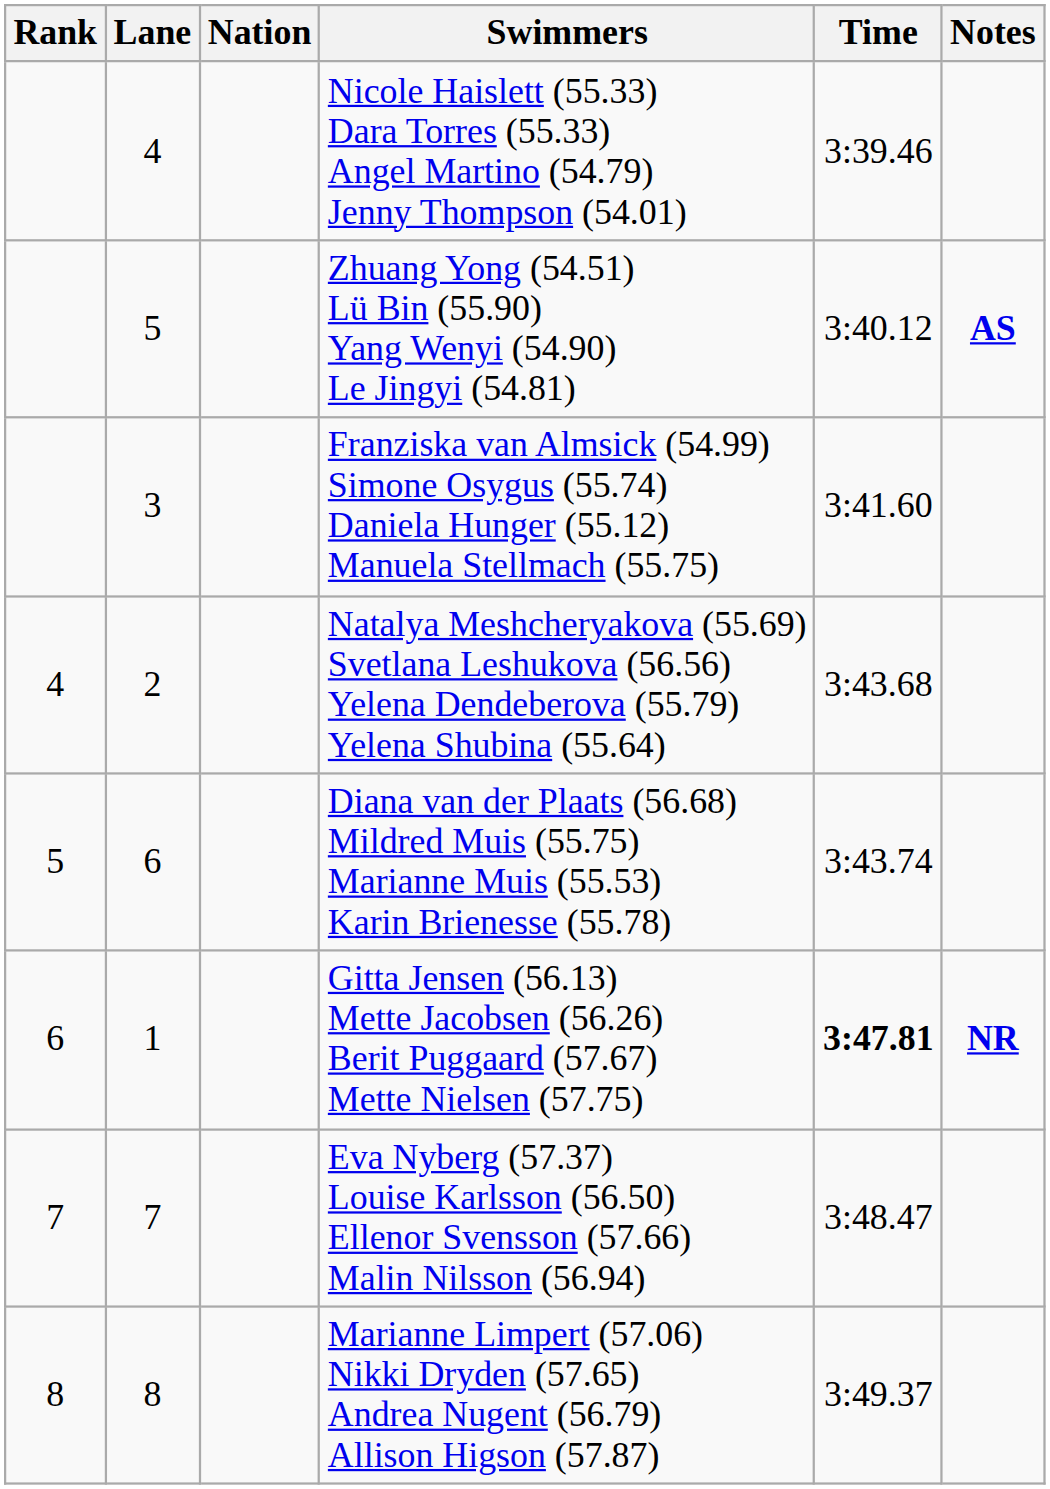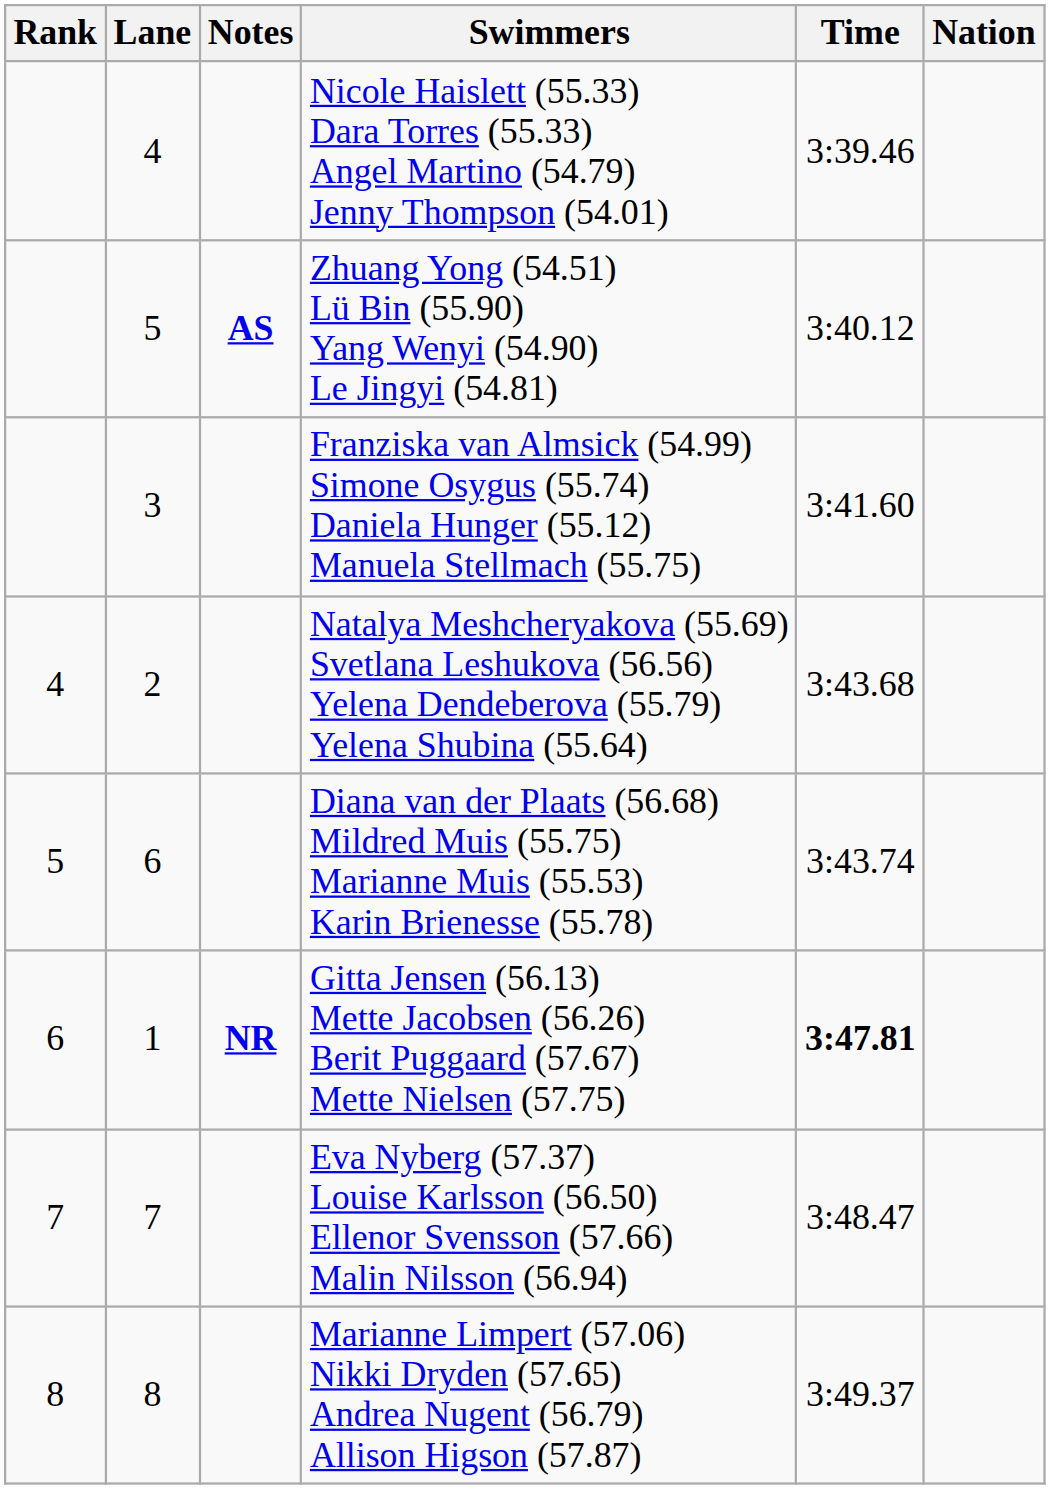 <table class="wikitable sortable" style="text-align:center">
 <tr>
 <th>Rank</th>
 <th>Lane</th>
-<th>Nation</th>
+<th>Notes</th>
 <th>Swimmers</th>
 <th>Time</th>
-<th>Notes</th>
+<th>Nation</th>
 </tr>
 <tr>
 <td></td>
 <td>4</td>
-<td align=left></td>
+<td></td>
 <td align=left><a href='#'>Nicole Haislett</a> (55.33)<br><a href='#'>Dara Torres</a> (55.33)<br><a href='#'>Angel Martino</a> (54.79)<br><a href='#'>Jenny Thompson</a> (54.01)</td>
 <td>3:39.46</td>
-<td></td>
+<td align=left></td>
 </tr>
 <tr>
 <td></td>
 <td>5</td>
-<td align=left></td>
+<td><strong><a href='#'>AS</a></strong></td>
 <td align=left><a href='#'>Zhuang Yong</a> (54.51) <br><a href='#'>Lü Bin</a> (55.90)<br><a href='#'>Yang Wenyi</a> (54.90)<br><a href='#'>Le Jingyi</a> (54.81)</td>
 <td>3:40.12</td>
-<td><strong><a href='#'>AS</a></strong></td>
+<td align=left></td>
 </tr>
 <tr>
 <td></td>
 <td>3</td>
-<td align=left></td>
+<td></td>
 <td align=left><a href='#'>Franziska van Almsick</a> (54.99)<br><a href='#'>Simone Osygus</a> (55.74)<br><a href='#'>Daniela Hunger</a> (55.12)<br><a href='#'>Manuela Stellmach</a> (55.75)</td>
 <td>3:41.60</td>
-<td></td>
+<td align=left></td>
 </tr>
 <tr>
 <td>4</td>
 <td>2</td>
-<td align=left></td>
+<td></td>
 <td align=left><a href='#'>Natalya Meshcheryakova</a> (55.69)<br><a href='#'>Svetlana Leshukova</a> (56.56)<br><a href='#'>Yelena Dendeberova</a> (55.79)<br><a href='#'>Yelena Shubina</a> (55.64)</td>
 <td>3:43.68</td>
-<td></td>
+<td align=left></td>
 </tr>
 <tr>
 <td>5</td>
 <td>6</td>
-<td align=left></td>
+<td></td>
 <td align=left><a href='#'>Diana van der Plaats</a> (56.68)<br><a href='#'>Mildred Muis</a> (55.75)<br><a href='#'>Marianne Muis</a> (55.53)<br><a href='#'>Karin Brienesse</a> (55.78)</td>
 <td>3:43.74</td>
-<td></td>
+<td align=left></td>
 </tr>
 <tr>
 <td>6</td>
 <td>1</td>
-<td align=left></td>
+<td><strong><a href='#'>NR</a></strong></td>
 <td align=left><a href='#'>Gitta Jensen</a> (56.13)<br><a href='#'>Mette Jacobsen</a> (56.26)<br><a href='#'>Berit Puggaard</a> (57.67)<br><a href='#'>Mette Nielsen</a> (57.75)</td>
 <td><strong>3:47.81</strong></td>
-<td><strong><a href='#'>NR</a></strong></td>
+<td align=left></td>
 </tr>
 <tr>
 <td>7</td>
 <td>7</td>
-<td align=left></td>
+<td></td>
 <td align=left><a href='#'>Eva Nyberg</a> (57.37)<br><a href='#'>Louise Karlsson</a> (56.50)<br><a href='#'>Ellenor Svensson</a> (57.66)<br><a href='#'>Malin Nilsson</a> (56.94)</td>
 <td>3:48.47</td>
-<td></td>
+<td align=left></td>
 </tr>
 <tr>
 <td>8</td>
 <td>8</td>
-<td align=left></td>
+<td></td>
 <td align=left><a href='#'>Marianne Limpert</a> (57.06)<br><a href='#'>Nikki Dryden</a> (57.65)<br><a href='#'>Andrea Nugent</a> (56.79)<br><a href='#'>Allison Higson</a> (57.87)</td>
 <td>3:49.37</td>
-<td></td>
+<td align=left></td>
 </tr>
 </table>
